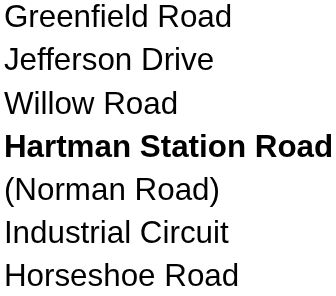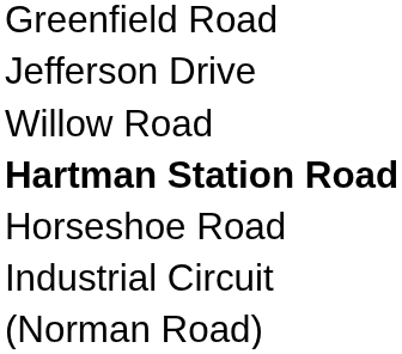 <table>
 <tr>
 <td>Greenfield Road</td>
 </tr>
 <tr>
 <td>Jefferson Drive</td>
 </tr>
 <tr>
 <td>Willow Road</td>
 </tr>
 <tr>
 <td><strong>Hartman Station Road</strong></td>
 </tr>
 <tr>
-<td>(Norman Road)</td>
+<td>Horseshoe Road</td>
 </tr>
 <tr>
 <td>Industrial Circuit</td>
 </tr>
 <tr>
-<td>Horseshoe Road</td>
+<td>(Norman Road)</td>
 </tr>
 </table>
